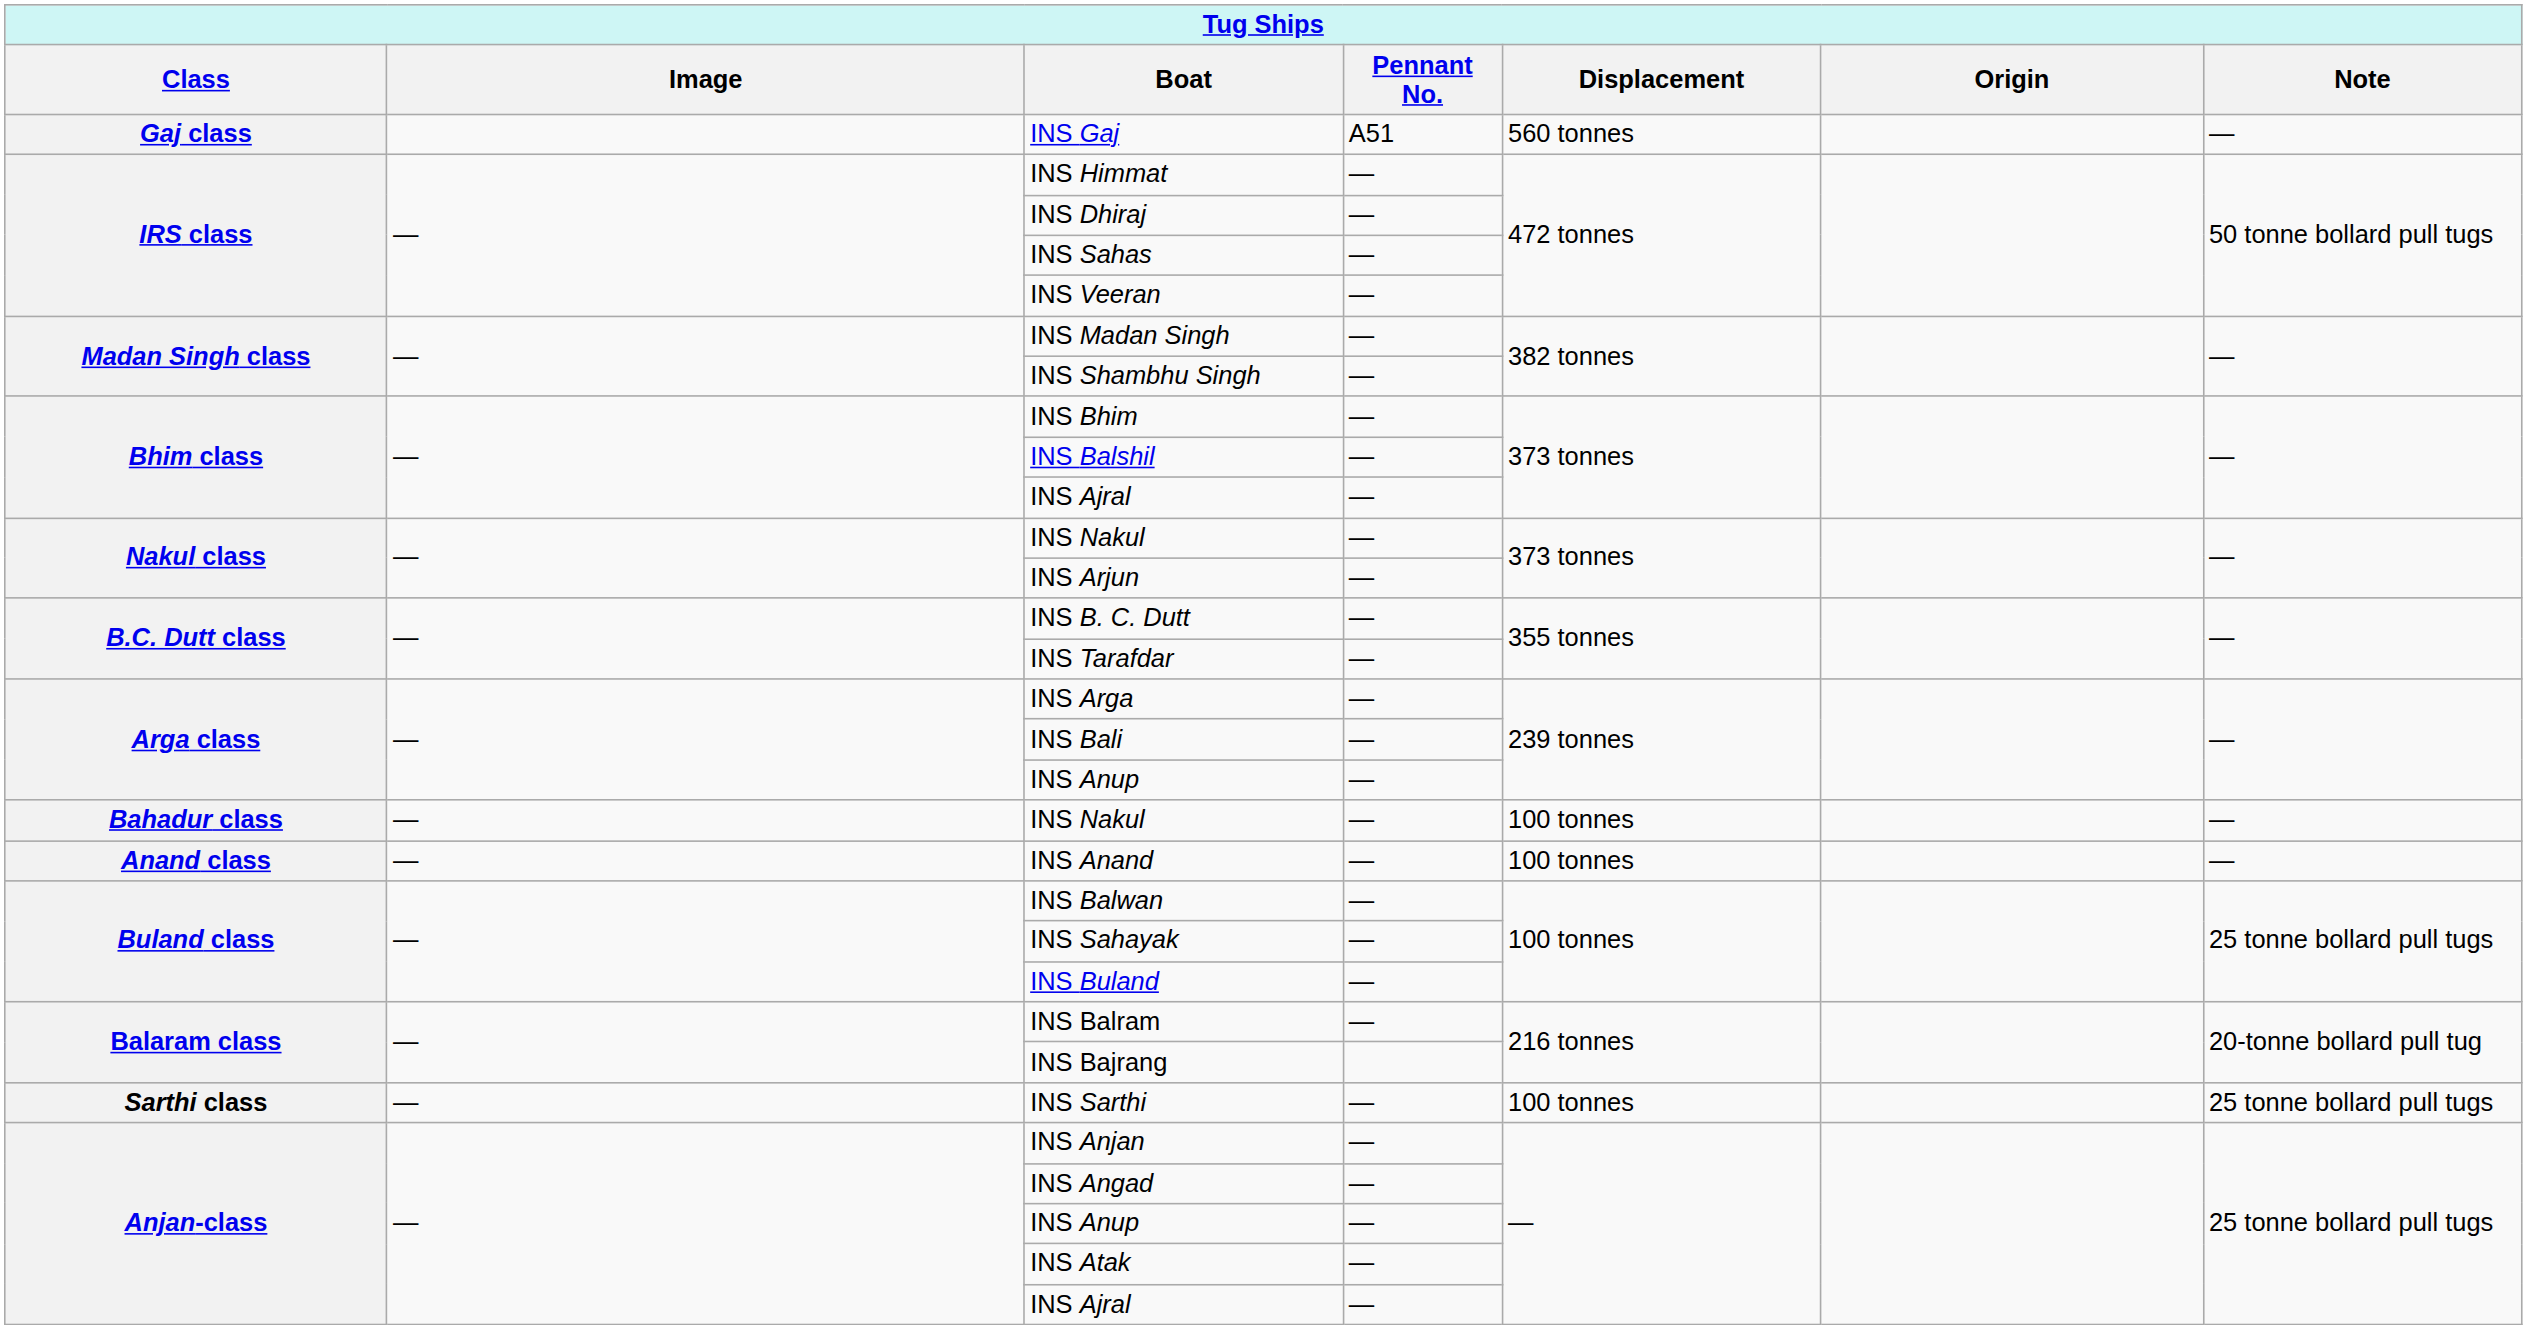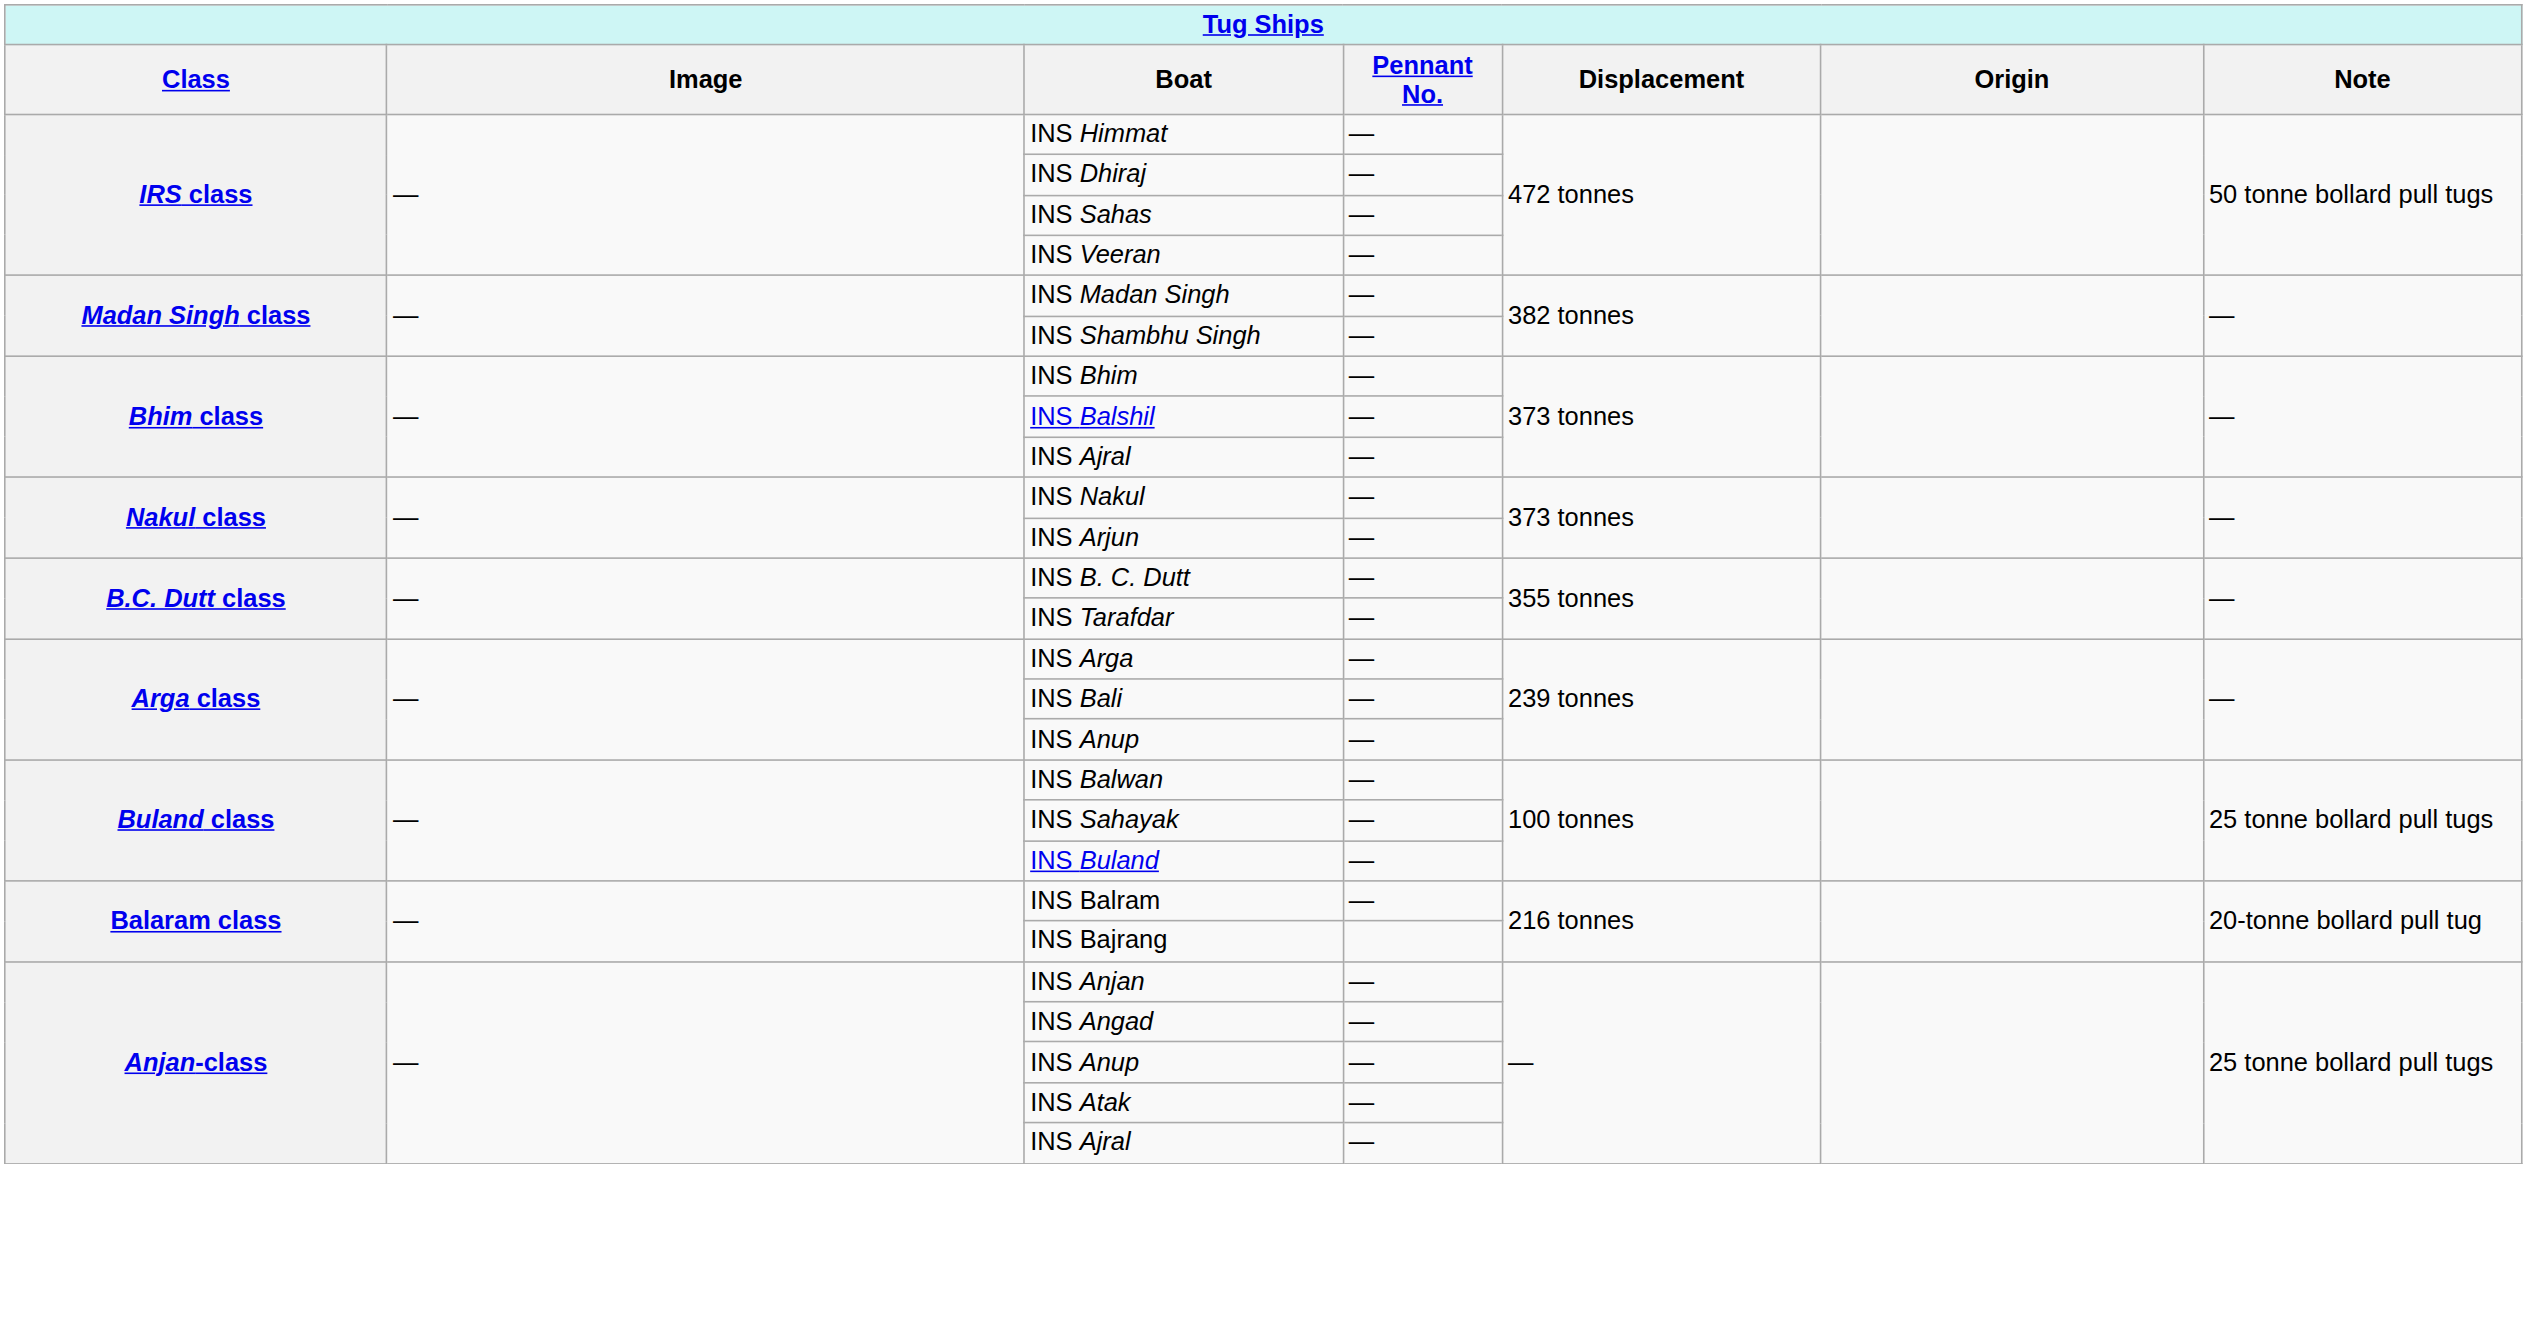 <table class="wikitable" style="margin:auto; width:100%;">
 <tr>
 <th colspan="7" style="align: center; background: #CEF6F5;"><a href='#'>Tug Ships</a></th>
 </tr>
 <tr>
 <th style="text-align:center; width:12%;"><a href='#'>Class</a></th>
 <th style="text-align:center; width:20%;">Image</th>
 <th style="text-align:center; width:10%;">Boat</th>
 <th style="text-align:center; width:5%;"><a href='#'>Pennant No.</a></th>
 <th style="text-align:center; width:10%;">Displacement</th>
 <th style="text-align:center; width:12%;">Origin</th>
 <th style="text-align:center; width:10%;">Note</th>
-</tr>
-<tr>
-<th rowspan="1"><a href='#'><em>Gaj</em> class</a></th>
-<td rowspan="1"></td>
-<td><a href='#'>INS <em>Gaj</em></a></td>
-<td>A51</td>
-<td rowspan="1">560 tonnes</td>
-<td rowspan="1"></td>
-<td rowspan="1">—</td>
 </tr>
 <tr>
 <th rowspan="4"><a href='#'><em>IRS</em> class</a></th>
 <td rowspan="4">—</td>
 <td>INS <em>Himmat</em></td>
 <td>—</td>
 <td rowspan="4">472 tonnes</td>
 <td rowspan="4"></td>
 <td rowspan="4">50 tonne bollard pull tugs</td>
 </tr>
 <tr>
 <td>INS <em>Dhiraj</em></td>
 <td>—</td>
 </tr>
 <tr>
 <td>INS <em>Sahas</em></td>
 <td>—</td>
 </tr>
 <tr>
 <td>INS <em>Veeran</em></td>
 <td>—</td>
 </tr>
 <tr>
 <th rowspan="2"><a href='#'><em>Madan Singh</em> class</a></th>
 <td rowspan="2">—</td>
 <td>INS <em>Madan Singh</em></td>
 <td>—</td>
 <td rowspan="2">382 tonnes</td>
 <td rowspan="2"></td>
 <td rowspan="2">—</td>
 </tr>
 <tr>
 <td>INS <em>Shambhu Singh</em></td>
 <td>—</td>
 </tr>
 <tr>
 <th rowspan="3"><a href='#'><em>Bhim</em> class</a></th>
 <td rowspan="3">—</td>
 <td>INS <em>Bhim</em></td>
 <td>—</td>
 <td rowspan="3">373 tonnes</td>
 <td rowspan="3"></td>
 <td rowspan="3">—</td>
 </tr>
 <tr>
 <td><a href='#'>INS <em>Balshil</em></a></td>
 <td>—</td>
 </tr>
 <tr>
 <td>INS <em>Ajral</em></td>
 <td>—</td>
 </tr>
 <tr>
 <th rowspan="2"><a href='#'><em>Nakul</em> class</a></th>
 <td rowspan="2">—</td>
 <td>INS <em>Nakul</em></td>
 <td>—</td>
 <td rowspan="2">373 tonnes</td>
 <td rowspan="2"></td>
 <td rowspan="2">—</td>
 </tr>
 <tr>
 <td>INS <em>Arjun</em></td>
 <td>—</td>
 </tr>
 <tr>
 <th rowspan="2"><a href='#'><em>B.C. Dutt</em> class</a></th>
 <td rowspan="2">—</td>
 <td>INS <em>B. C. Dutt</em></td>
 <td>—</td>
 <td rowspan="2">355 tonnes</td>
 <td rowspan="2"></td>
 <td rowspan="2">—</td>
 </tr>
 <tr>
 <td>INS <em>Tarafdar</em></td>
 <td>—</td>
 </tr>
 <tr>
 <th rowspan="3"><a href='#'><em>Arga</em> class</a></th>
 <td rowspan="3">—</td>
 <td>INS <em>Arga</em></td>
 <td>—</td>
 <td rowspan="3">239 tonnes</td>
 <td rowspan="3"></td>
 <td rowspan="3">—</td>
 </tr>
 <tr>
 <td>INS <em>Bali</em></td>
 <td>—</td>
 </tr>
 <tr>
 <td>INS <em>Anup</em></td>
 <td>—</td>
 </tr>
 <tr>
-<th rowspan="1"><a href='#'><em>Bahadur</em> class</a></th>
-<td rowspan="1">—</td>
-<td>INS <em>Nakul</em></td>
-<td>—</td>
-<td rowspan="1">100 tonnes</td>
-<td rowspan="1"></td>
-<td rowspan="1">—</td>
-</tr>
-<tr>
-<th rowspan="1"><a href='#'><em>Anand</em> class</a></th>
-<td rowspan="1">—</td>
-<td>INS <em>Anand</em></td>
-<td>—</td>
-<td rowspan="1">100 tonnes</td>
-<td rowspan="1"></td>
-<td rowspan="1">—</td>
-</tr>
-<tr>
 <th rowspan="3"><a href='#'><em>Buland</em> class</a></th>
 <td rowspan="3">—</td>
 <td>INS <em>Balwan</em></td>
 <td>—</td>
 <td rowspan="3">100 tonnes</td>
 <td rowspan="3"></td>
 <td rowspan="3">25 tonne bollard pull tugs</td>
 </tr>
 <tr>
 <td>INS <em>Sahayak</em></td>
 <td>—</td>
 </tr>
 <tr>
 <td><a href='#'>INS <em>Buland</em></a></td>
 <td>—</td>
 </tr>
 <tr>
 <th rowspan="2"><a href='#'>Balaram class</a></th>
 <td rowspan="2">—</td>
 <td>INS Balram</td>
 <td>—</td>
 <td rowspan="2">216 tonnes</td>
 <td rowspan="2"></td>
 <td rowspan="2">20-tonne bollard pull tug</td>
 </tr>
 <tr>
 <td>INS Bajrang</td>
 <td></td>
 </tr>
 <tr>
-<th rowspan="1"><em>Sarthi</em> class</th>
-<td rowspan="1">—</td>
-<td>INS <em>Sarthi</em></td>
-<td>—</td>
-<td rowspan="1">100 tonnes</td>
-<td rowspan="1"></td>
-<td rowspan="1">25 tonne bollard pull tugs</td>
-</tr>
-<tr>
 <th rowspan="5"><a href='#'><em>Anjan</em>-class</a></th>
 <td rowspan="5">—</td>
 <td>INS <em>Anjan</em></td>
 <td>—</td>
 <td rowspan="5">—</td>
 <td rowspan="5"></td>
 <td rowspan="5">25 tonne bollard pull tugs</td>
 </tr>
 <tr>
 <td>INS <em>Angad</em></td>
 <td>—</td>
 </tr>
 <tr>
 <td>INS <em>Anup</em></td>
 <td>—</td>
 </tr>
 <tr>
 <td>INS <em>Atak</em></td>
 <td>—</td>
 </tr>
 <tr>
 <td>INS <em>Ajral</em></td>
 <td>—</td>
 </tr>
 </table>
